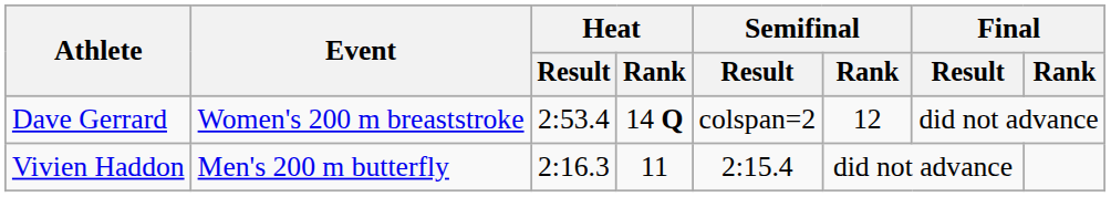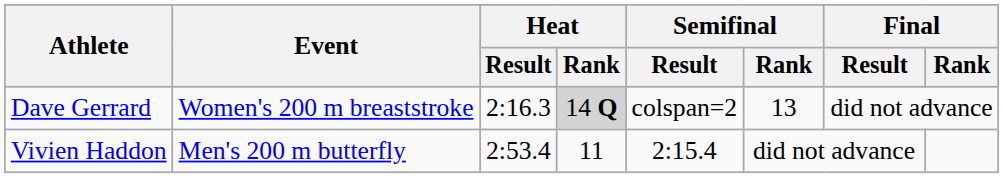 <table class="wikitable" style="font-size:90%;text-align:center;">
 <tr>
 <th rowspan=2>Athlete</th>
 <th rowspan=2>Event</th>
 <th colspan=2>Heat</th>
 <th colspan=2>Semifinal</th>
 <th colspan=2>Final</th>
 </tr>
 <tr style="font-size:95%">
 <th>Result</th>
 <th>Rank</th>
 <th>Result</th>
 <th>Rank</th>
 <th>Result</th>
 <th>Rank</th>
 </tr>
 <tr align=center>
 <td align=left><a href='#'>Dave Gerrard</a></td>
 <td align=left><a href='#'>Women's 200 m breaststroke</a></td>
-<td>2:53.4</td>
-<td>14 <strong>Q</strong></td>
+<td>2:16.3</td>
+<td style="background: lightgrey;">14 <strong>Q</strong></td>
 <td>colspan=2 </td>
-<td>12</td>
+<td>13</td>
 <td colspan=2>did not advance</td>
 </tr>
 <tr align=center>
 <td align=left><a href='#'>Vivien Haddon</a></td>
 <td align=left><a href='#'>Men's 200 m butterfly</a></td>
-<td>2:16.3</td>
+<td>2:53.4</td>
 <td>11</td>
 <td>2:15.4</td>
 <td colspan=2>did not advance</td>
 </tr>
 </table>
